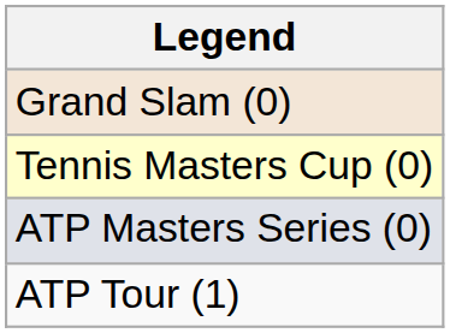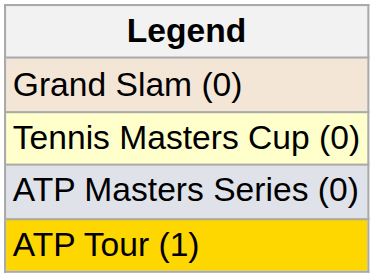 <table class="wikitable">
 <tr>
 <th>Legend</th>
 </tr>
 <tr bgcolor="#f3e6d7">
 <td>Grand Slam (0)</td>
 </tr>
 <tr bgcolor="ffffcc">
 <td>Tennis Masters Cup (0)</td>
 </tr>
 <tr bgcolor="#dfe2e9">
 <td>ATP Masters Series (0)</td>
 </tr>
 <tr>
-<td>ATP Tour (1)</td>
+<td style="background: gold;">ATP Tour (1)</td>
 </tr>
 </table>
